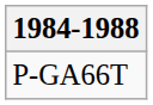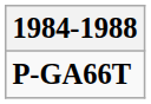 <table class="wikitable">
 <tr>
 <th>1984-1988</th>
 </tr>
 <tr>
-<td>P-GA66T</td>
+<td><strong>P-GA66T</strong></td>
 </tr>
 </table>
